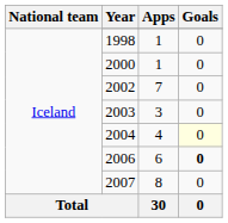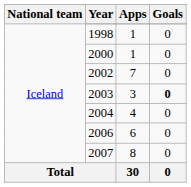 <table class="wikitable" style="text-align:center">
 <tr>
 <th>National team</th>
 <th>Year</th>
 <th>Apps</th>
 <th>Goals</th>
 </tr>
 <tr>
 <td rowspan=8><a href='#'>Iceland</a></td>
 </tr>
 <tr>
 <td>1998</td>
 <td>1</td>
 <td>0</td>
 </tr>
 <tr>
 <td>2000</td>
 <td>1</td>
 <td>0</td>
 </tr>
 <tr>
 <td>2002</td>
 <td>7</td>
 <td>0</td>
 </tr>
 <tr>
 <td>2003</td>
 <td>3</td>
-<td>0</td>
+<td><strong>0</strong></td>
 </tr>
 <tr>
 <td>2004</td>
 <td>4</td>
-<td style="background: lightyellow;">0</td>
+<td>0</td>
 </tr>
 <tr>
 <td>2006</td>
 <td>6</td>
-<td><strong>0</strong></td>
+<td>0</td>
 </tr>
 <tr>
 <td>2007</td>
 <td>8</td>
 <td>0</td>
 </tr>
 <tr>
 <th colspan=2>Total</th>
 <th>30</th>
 <th>0</th>
 </tr>
 </table>
